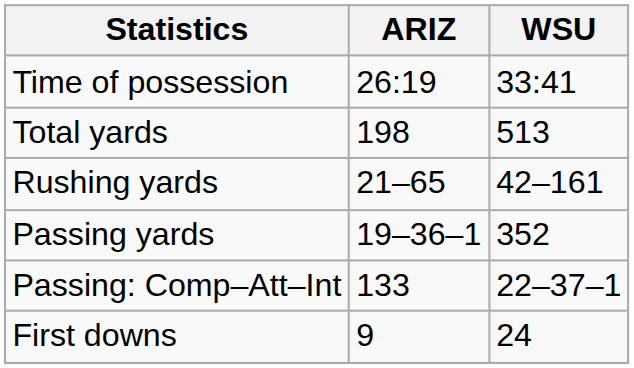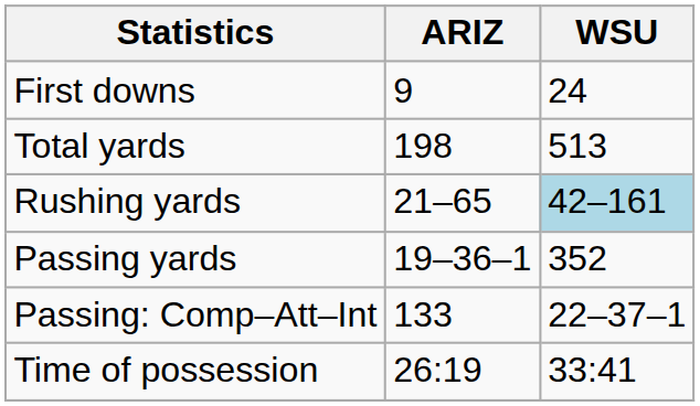 <table class="wikitable" style="float: left;">
 <tr>
 <th>Statistics</th>
 <th>ARIZ</th>
 <th>WSU</th>
 </tr>
 <tr>
-<td>Time of possession</td>
-<td>26:19</td>
-<td>33:41</td>
+<td>First downs</td>
+<td>9</td>
+<td>24</td>
 </tr>
 <tr>
 <td>Total yards</td>
 <td>198</td>
 <td>513</td>
 </tr>
 <tr>
 <td>Rushing yards</td>
 <td>21–65</td>
-<td>42–161</td>
+<td style="background: lightblue;">42–161</td>
 </tr>
 <tr>
 <td>Passing yards</td>
 <td>19–36–1</td>
 <td>352</td>
 </tr>
 <tr>
 <td>Passing: Comp–Att–Int</td>
 <td>133</td>
 <td>22–37–1</td>
 </tr>
 <tr>
-<td>First downs</td>
-<td>9</td>
-<td>24</td>
+<td>Time of possession</td>
+<td>26:19</td>
+<td>33:41</td>
 </tr>
 <tr>
 </tr>
 </table>
